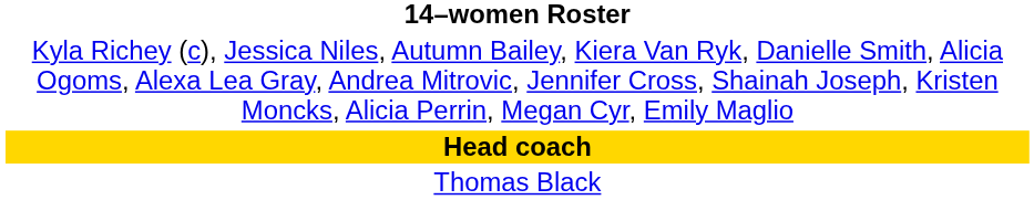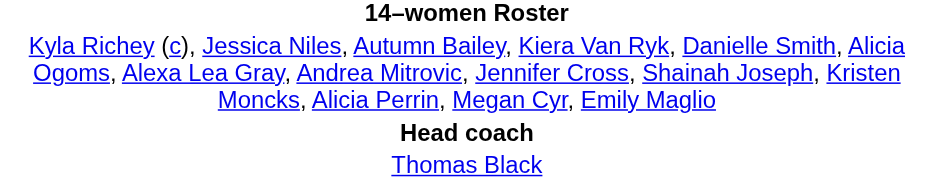 <table style="text-align:center; margin-top:2em; margin-left:auto; margin-right:auto">
 <tr>
 <td><strong>14–women Roster</strong></td>
 </tr>
 <tr>
 <td><a href='#'>Kyla Richey</a> (<a href='#'>c</a>), <a href='#'>Jessica Niles</a>, <a href='#'>Autumn Bailey</a>, <a href='#'>Kiera Van Ryk</a>, <a href='#'>Danielle Smith</a>, <a href='#'>Alicia Ogoms</a>, <a href='#'>Alexa Lea Gray</a>, <a href='#'>Andrea Mitrovic</a>, <a href='#'>Jennifer Cross</a>, <a href='#'>Shainah Joseph</a>, <a href='#'>Kristen Moncks</a>, <a href='#'>Alicia Perrin</a>, <a href='#'>Megan Cyr</a>, <a href='#'>Emily Maglio</a></td>
 </tr>
 <tr>
-<td style="background: gold;"><strong>Head coach</strong></td>
+<td><strong>Head coach</strong></td>
 </tr>
 <tr>
 <td> <a href='#'>Thomas Black</a></td>
 </tr>
 </table>
